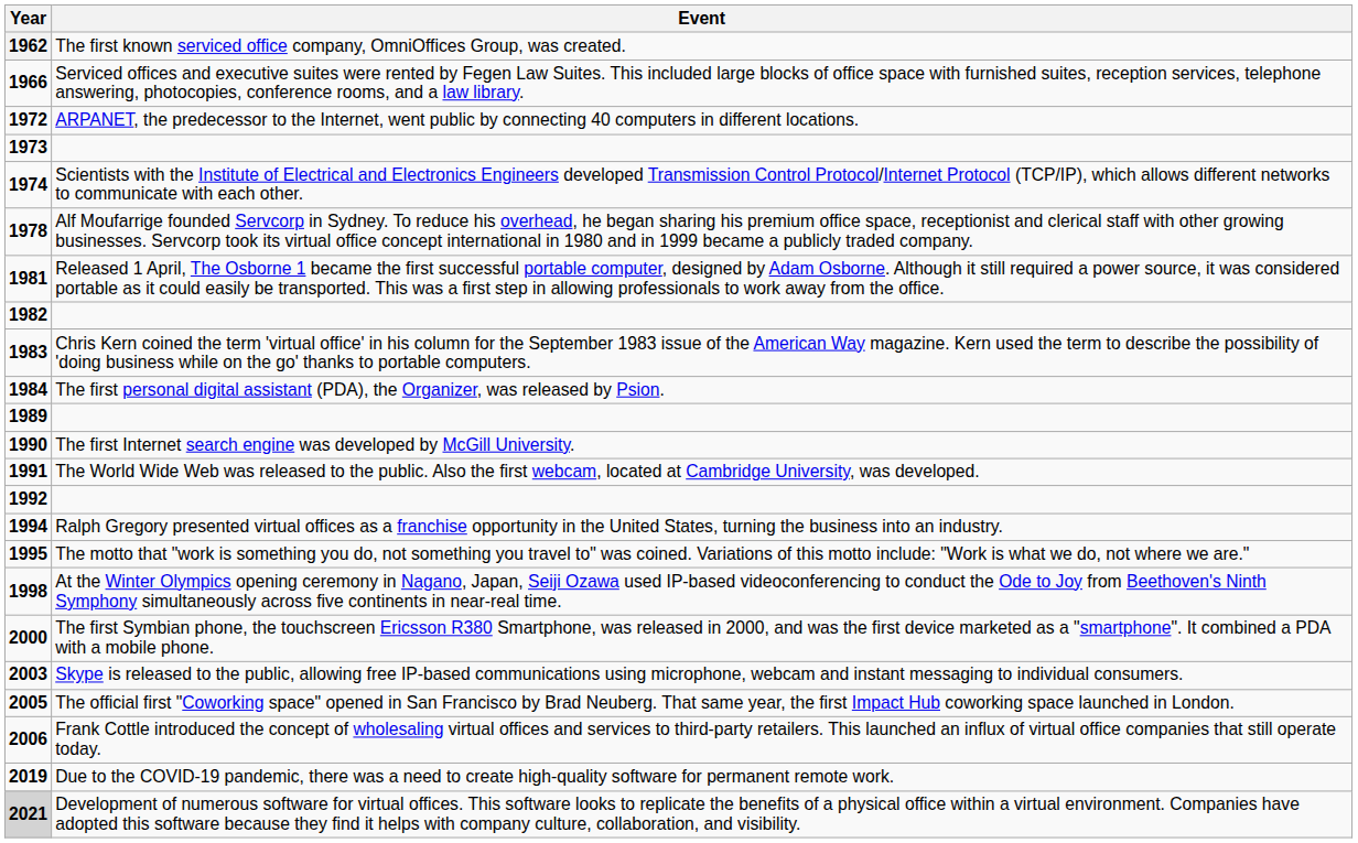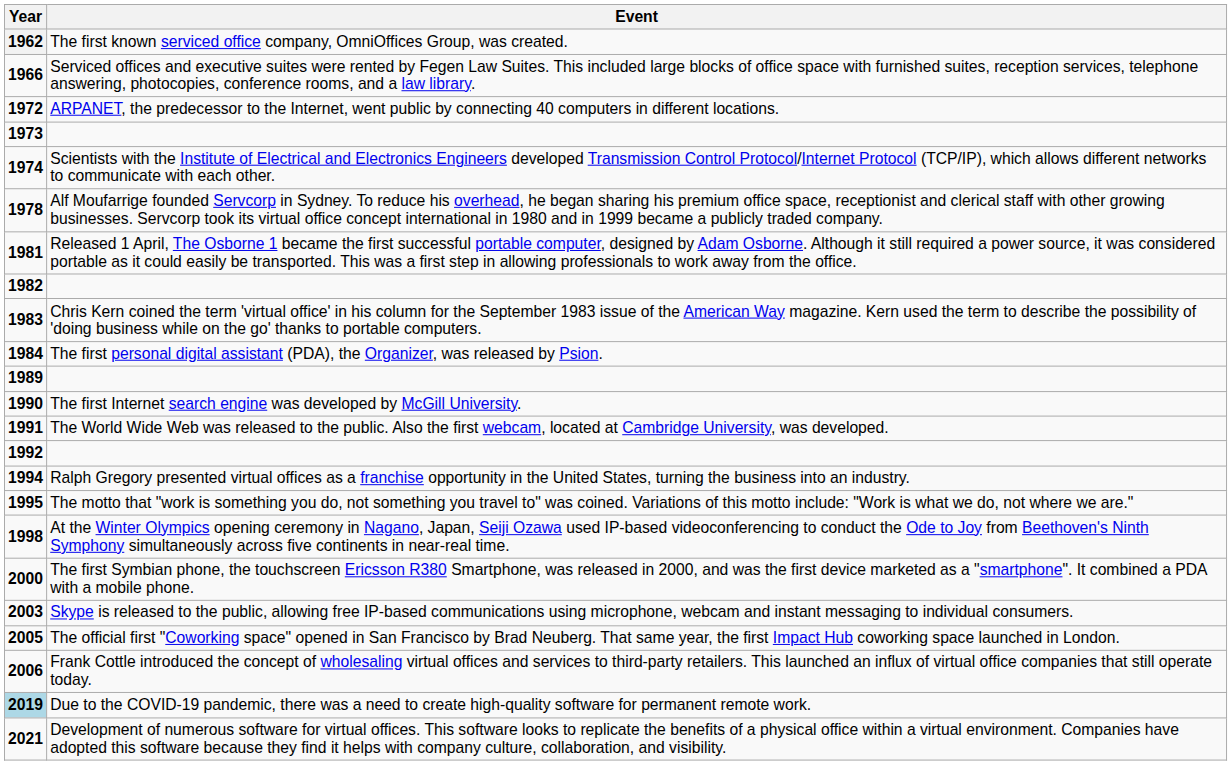 <table class="wikitable">
 <tr>
 <th>Year</th>
 <th>Event</th>
 </tr>
 <tr>
 <th>1962</th>
 <td>The first known <a href='#'>serviced office</a> company, OmniOffices Group, was created.</td>
 </tr>
 <tr>
 <td><strong>1966</strong></td>
 <td>Serviced offices and executive suites were rented by Fegen Law Suites. This included large blocks of office space with furnished suites, reception services, telephone answering, photocopies, conference rooms, and a <a href='#'>law library</a>.</td>
 </tr>
 <tr>
 <td><strong>1972</strong></td>
 <td><a href='#'>ARPANET</a>, the predecessor to the Internet, went public by connecting 40 computers in different locations.</td>
 </tr>
 <tr>
 <td><strong>1973</strong></td>
 <td><br></td>
 </tr>
 <tr>
 <td><strong>1974</strong></td>
 <td>Scientists with the <a href='#'>Institute of Electrical and Electronics Engineers</a> developed <a href='#'>Transmission Control Protocol</a>/<a href='#'>Internet Protocol</a> (TCP/IP), which allows different networks to communicate with each other.</td>
 </tr>
 <tr>
 <td><strong>1978</strong></td>
 <td>Alf Moufarrige founded <a href='#'>Servcorp</a> in Sydney. To reduce his <a href='#'>overhead</a>, he began sharing his premium office space, receptionist and clerical staff with other growing businesses. Servcorp took its virtual office concept international in 1980 and in 1999 became a publicly traded company.</td>
 </tr>
 <tr>
 <td><strong>1981</strong></td>
 <td>Released 1 April, <a href='#'>The Osborne 1</a> became the first successful <a href='#'>portable computer</a>, designed by <a href='#'>Adam Osborne</a>. Although it still required a power source, it was considered portable as it could easily be transported. This was a first step in allowing professionals to work away from the office.</td>
 </tr>
 <tr>
 <td><strong>1982</strong></td>
 <td><br></td>
 </tr>
 <tr>
 <td><strong>1983</strong></td>
 <td>Chris Kern coined the term 'virtual office' in his column for the September 1983 issue of the <a href='#'>American Way</a> magazine. Kern used the term to describe the possibility of 'doing business while on the go' thanks to portable computers.</td>
 </tr>
 <tr>
 <td><strong>1984</strong></td>
 <td>The first <a href='#'>personal digital assistant</a> (PDA), the <a href='#'>Organizer</a>, was released by <a href='#'>Psion</a>.</td>
 </tr>
 <tr>
 <td><strong>1989</strong></td>
 <td><br></td>
 </tr>
 <tr>
 <td><strong>1990</strong></td>
 <td>The first Internet <a href='#'>search engine</a> was developed by <a href='#'>McGill University</a>.</td>
 </tr>
 <tr>
 <td><strong>1991</strong></td>
 <td>The World Wide Web was released to the public. Also the first <a href='#'>webcam</a>, located at <a href='#'>Cambridge University</a>, was developed.</td>
 </tr>
 <tr>
 <td><strong>1992</strong></td>
 <td><br></td>
 </tr>
 <tr>
 <td><strong>1994</strong></td>
 <td>Ralph Gregory presented virtual offices as a <a href='#'>franchise</a> opportunity in the United States, turning the business into an industry.</td>
 </tr>
 <tr>
 <td><strong>1995</strong></td>
 <td>The motto that "work is something you do, not something you travel to" was coined. Variations of this motto include: "Work is what we do, not where we are."</td>
 </tr>
 <tr>
 <td><strong>1998</strong></td>
 <td>At the <a href='#'>Winter Olympics</a> opening ceremony in <a href='#'>Nagano</a>, Japan, <a href='#'>Seiji Ozawa</a> used IP-based videoconferencing to conduct the <a href='#'>Ode to Joy</a> from <a href='#'>Beethoven's Ninth Symphony</a> simultaneously across five continents in near-real time.</td>
 </tr>
 <tr>
 <td><strong>2000</strong></td>
 <td>The first Symbian phone, the touchscreen <a href='#'>Ericsson R380</a> Smartphone, was released in 2000, and was the first device marketed as a "<a href='#'>smartphone</a>". It combined a PDA with a mobile phone.</td>
 </tr>
 <tr>
 <td><strong>2003</strong></td>
 <td><a href='#'>Skype</a> is released to the public, allowing free IP-based communications using microphone, webcam and instant messaging to individual consumers.</td>
 </tr>
 <tr>
 <td><strong>2005</strong></td>
 <td>The official first "<a href='#'>Coworking</a> space" opened in San Francisco by Brad Neuberg. That same year, the first <a href='#'>Impact Hub</a> coworking space launched in London.</td>
 </tr>
 <tr>
 <td><strong>2006</strong></td>
 <td>Frank Cottle introduced the concept of <a href='#'>wholesaling</a> virtual offices and services to third-party retailers. This launched an influx of virtual office companies that still operate today.</td>
 </tr>
 <tr>
-<td><strong>2019</strong></td>
+<td style="background: lightblue;"><strong>2019</strong></td>
 <td>Due to the COVID-19 pandemic, there was a need to create high-quality software for permanent remote work.</td>
 </tr>
 <tr>
-<td style="background: lightgrey;"><strong>2021</strong></td>
+<td><strong>2021</strong></td>
 <td>Development of numerous software for virtual offices. This software looks to replicate the benefits of a physical office within a virtual environment. Companies have adopted this software because they find it helps with company culture, collaboration, and visibility.</td>
 </tr>
 </table>
